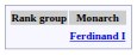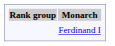 <table style="border:1px solid #8888aa; background-color:#f7f8ff; padding:5px; font-size:95%; margin: 0px 12px 12px 0px; text-align:center;">
 <tr bgcolor="#CCCCCC">
 <th>Rank group</th>
 <th colspan=2>Monarch</th>
 </tr>
 <tr>
 <td rowspan=2></td>
 <td></td>
 </tr>
 <tr>
-<td><strong><a href='#'>Ferdinand I</a></strong></td>
+<td><a href='#'>Ferdinand I</a></td>
 </tr>
 </table>
